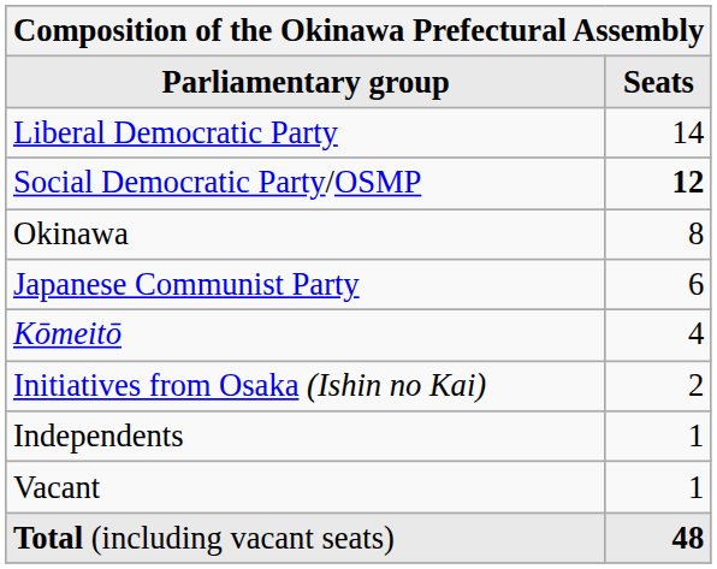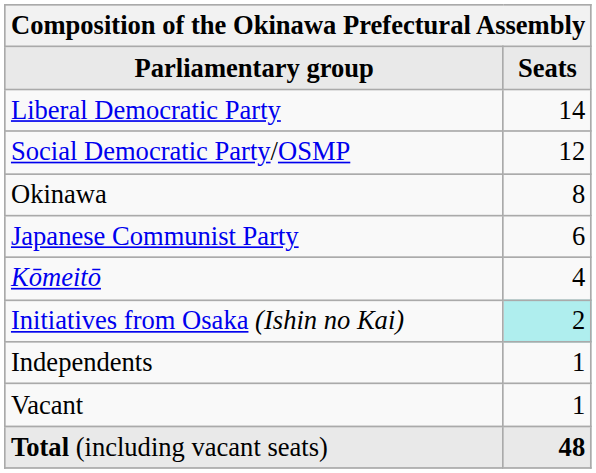 <table class="wikitable">
 <tr>
 <th colspan="2">Composition of the Okinawa Prefectural Assembly</th>
 </tr>
 <tr>
 <th style="background-color:#E9E9E9" align=left>Parliamentary group</th>
 <th style="background-color:#E9E9E9" align=right>Seats</th>
 </tr>
 <tr>
 <td align=left><a href='#'>Liberal Democratic Party</a></td>
 <td align="right">14</td>
 </tr>
 <tr>
 <td align=left><a href='#'>Social Democratic Party</a>/<a href='#'>OSMP</a></td>
-<td align="right"><strong>12</strong></td>
+<td align="right">12</td>
 </tr>
 <tr>
 <td align=left>Okinawa</td>
 <td align="right">8</td>
 </tr>
 <tr>
 <td align=left><a href='#'>Japanese Communist Party</a></td>
 <td align="right">6</td>
 </tr>
 <tr>
 <td align=left><em><a href='#'>Kōmeitō</a></em></td>
 <td align="right">4</td>
 </tr>
 <tr>
 <td align=left><a href='#'>Initiatives from Osaka</a> <em>(Ishin no Kai)</em></td>
-<td align="right">2</td>
+<td align="right" style="background: paleturquoise;">2</td>
 </tr>
 <tr>
 <td align=left>Independents</td>
 <td align="right">1</td>
 </tr>
 <tr>
 <td align=left>Vacant</td>
 <td align="right">1</td>
 </tr>
 <tr>
 <td align=left style="background-color:#E9E9E9" align=left><strong>Total</strong> (including vacant seats)</td>
 <td style="background-color:#E9E9E9" align=right><strong>48</strong></td>
 </tr>
 </table>
